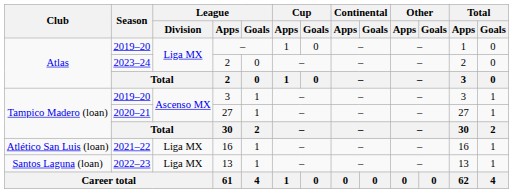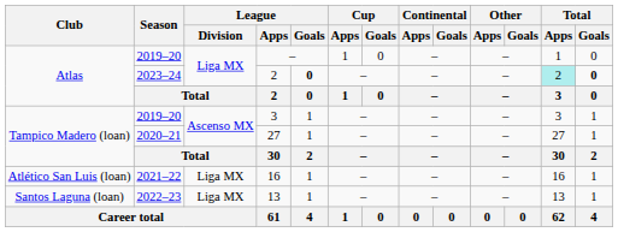 <table class="wikitable" style="text-align: center">
 <tr>
 <th rowspan="2">Club</th>
 <th rowspan="2">Season</th>
 <th colspan="3">League</th>
 <th colspan="2">Cup</th>
 <th colspan="2">Continental</th>
 <th colspan="2">Other</th>
 <th colspan="2">Total</th>
 </tr>
 <tr>
 <th>Division</th>
 <th>Apps</th>
 <th>Goals</th>
 <th>Apps</th>
 <th>Goals</th>
 <th>Apps</th>
 <th>Goals</th>
 <th>Apps</th>
 <th>Goals</th>
 <th>Apps</th>
 <th>Goals</th>
 </tr>
 <tr>
 <td rowspan=3><a href='#'>Atlas</a></td>
 <td><a href='#'>2019–20</a></td>
 <td rowspan=2><a href='#'>Liga MX</a></td>
 <td colspan="2">–</td>
 <td>1</td>
 <td>0</td>
 <td colspan="2">–</td>
 <td colspan="2">–</td>
 <td>1</td>
 <td>0</td>
 </tr>
 <tr>
 <td><a href='#'>2023–24</a></td>
 <td>2</td>
-<td>0</td>
+<td><strong>0</strong></td>
 <td colspan="2">–</td>
 <td colspan="2">–</td>
 <td colspan="2">–</td>
-<td>2</td>
-<td>0</td>
+<td style="background: paleturquoise;">2</td>
+<td><strong>0</strong></td>
 </tr>
 <tr>
 <th colspan="2">Total</th>
 <th>2</th>
 <th>0</th>
 <th>1</th>
 <th>0</th>
 <th colspan="2">–</th>
 <th colspan="2">–</th>
 <th>3</th>
 <th>0</th>
 </tr>
 <tr>
 <td rowspan=3><a href='#'>Tampico Madero</a> (loan)</td>
 <td><a href='#'>2019–20</a></td>
 <td rowspan=2><a href='#'>Ascenso MX</a></td>
 <td>3</td>
 <td>1</td>
 <td colspan="2">–</td>
 <td colspan="2">–</td>
 <td colspan="2">–</td>
 <td>3</td>
 <td>1</td>
 </tr>
 <tr>
 <td><a href='#'>2020–21</a></td>
 <td>27</td>
 <td>1</td>
 <td colspan="2">–</td>
 <td colspan="2">–</td>
 <td colspan="2">–</td>
 <td>27</td>
 <td>1</td>
 </tr>
 <tr>
 <th colspan="2">Total</th>
 <th>30</th>
 <th>2</th>
 <th colspan="2">–</th>
 <th colspan="2">–</th>
 <th colspan="2">–</th>
 <th>30</th>
 <th>2</th>
 </tr>
 <tr>
 <td><a href='#'>Atlético San Luis</a> (loan)</td>
 <td><a href='#'>2021–22</a></td>
 <td rowspan=1>Liga MX</td>
 <td>16</td>
 <td>1</td>
 <td colspan="2">–</td>
 <td colspan="2">–</td>
 <td colspan="2">–</td>
 <td>16</td>
 <td>1</td>
 </tr>
 <tr>
 <td><a href='#'>Santos Laguna</a> (loan)</td>
 <td><a href='#'>2022–23</a></td>
 <td>Liga MX</td>
 <td>13</td>
 <td>1</td>
 <td colspan="2">–</td>
 <td colspan="2">–</td>
 <td colspan="2">–</td>
 <td>13</td>
 <td>1</td>
 </tr>
 <tr>
 <th colspan="3"><strong>Career total</strong></th>
 <th>61</th>
 <th>4</th>
 <th>1</th>
 <th>0</th>
 <th>0</th>
 <th>0</th>
 <th>0</th>
 <th>0</th>
 <th>62</th>
 <th>4</th>
 </tr>
 </table>
